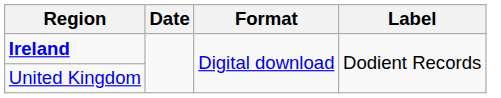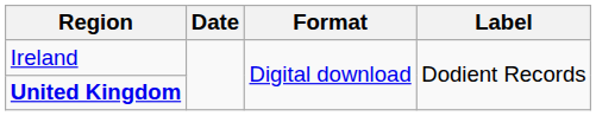 <table class="wikitable">
 <tr>
 <th>Region</th>
 <th>Date</th>
 <th>Format</th>
 <th>Label</th>
 </tr>
 <tr>
-<td rowspan="1"><strong><a href='#'>Ireland</a></strong></td>
+<td rowspan="1"><a href='#'>Ireland</a></td>
 <td rowspan="2"></td>
 <td rowspan="2"><a href='#'>Digital download</a></td>
 <td rowspan="2">Dodient Records</td>
 </tr>
 <tr>
-<td rowspan="1"><a href='#'>United Kingdom</a></td>
+<td rowspan="1"><strong><a href='#'>United Kingdom</a></strong></td>
 </tr>
 </table>
